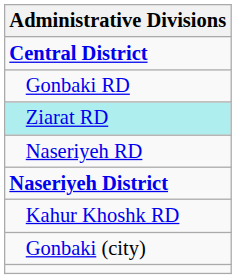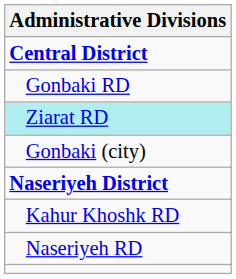 <table class="wikitable">
 <tr>
 <th>Administrative Divisions</th>
 </tr>
 <tr>
 <td><strong><a href='#'>Central District</a></strong></td>
 </tr>
 <tr>
 <td style="padding-left: 1em;"><a href='#'>Gonbaki RD</a></td>
 </tr>
 <tr>
 <td style="background: paleturquoise; padding-left: 1em;"><a href='#'>Ziarat RD</a></td>
 </tr>
 <tr>
-<td style="padding-left: 1em;"><a href='#'>Naseriyeh RD</a></td>
+<td style="padding-left: 1em;"><a href='#'>Gonbaki</a> (city)</td>
 </tr>
 <tr>
 <td><strong><a href='#'>Naseriyeh District</a></strong></td>
 </tr>
 <tr>
 <td style="padding-left: 1em;"><a href='#'>Kahur Khoshk RD</a></td>
 </tr>
 <tr>
-<td style="padding-left: 1em;"><a href='#'>Gonbaki</a> (city)</td>
+<td style="padding-left: 1em;"><a href='#'>Naseriyeh RD</a></td>
 </tr>
 <tr>
 <td colspan=1></td>
 </tr>
 </table>
